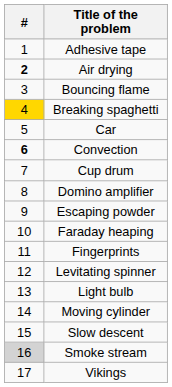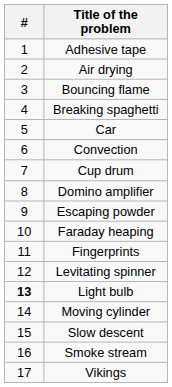 <table class = "wikitable" style="font-size: 95%; text-align: center;">
 <tr bgcolor="#CCCCCC">
 <th width="40">#</th>
 <th width="140">Title of the problem</th>
 </tr>
 <tr>
 <td>1</td>
 <td>Adhesive tape</td>
 </tr>
 <tr>
-<td><strong>2</strong></td>
+<td>2</td>
 <td>Air drying</td>
 </tr>
 <tr>
 <td>3</td>
 <td>Bouncing flame</td>
 </tr>
 <tr>
-<td style="background: gold;">4</td>
+<td>4</td>
 <td>Breaking spaghetti</td>
 </tr>
 <tr>
 <td>5</td>
 <td>Car</td>
 </tr>
 <tr>
-<td><strong>6</strong></td>
+<td>6</td>
 <td>Convection</td>
 </tr>
 <tr>
 <td>7</td>
 <td>Cup drum</td>
 </tr>
 <tr>
 <td>8</td>
 <td>Domino amplifier</td>
 </tr>
 <tr>
 <td>9</td>
 <td>Escaping powder</td>
 </tr>
 <tr>
 <td>10</td>
 <td>Faraday heaping</td>
 </tr>
 <tr>
 <td>11</td>
 <td>Fingerprints</td>
 </tr>
 <tr>
 <td>12</td>
 <td>Levitating spinner</td>
 </tr>
 <tr>
-<td>13</td>
+<td><strong>13</strong></td>
 <td>Light bulb</td>
 </tr>
 <tr>
 <td>14</td>
 <td>Moving cylinder</td>
 </tr>
 <tr>
 <td>15</td>
 <td>Slow descent</td>
 </tr>
 <tr>
-<td style="background: lightgrey;">16</td>
+<td>16</td>
 <td>Smoke stream</td>
 </tr>
 <tr>
 <td>17</td>
 <td>Vikings</td>
 </tr>
 </table>
